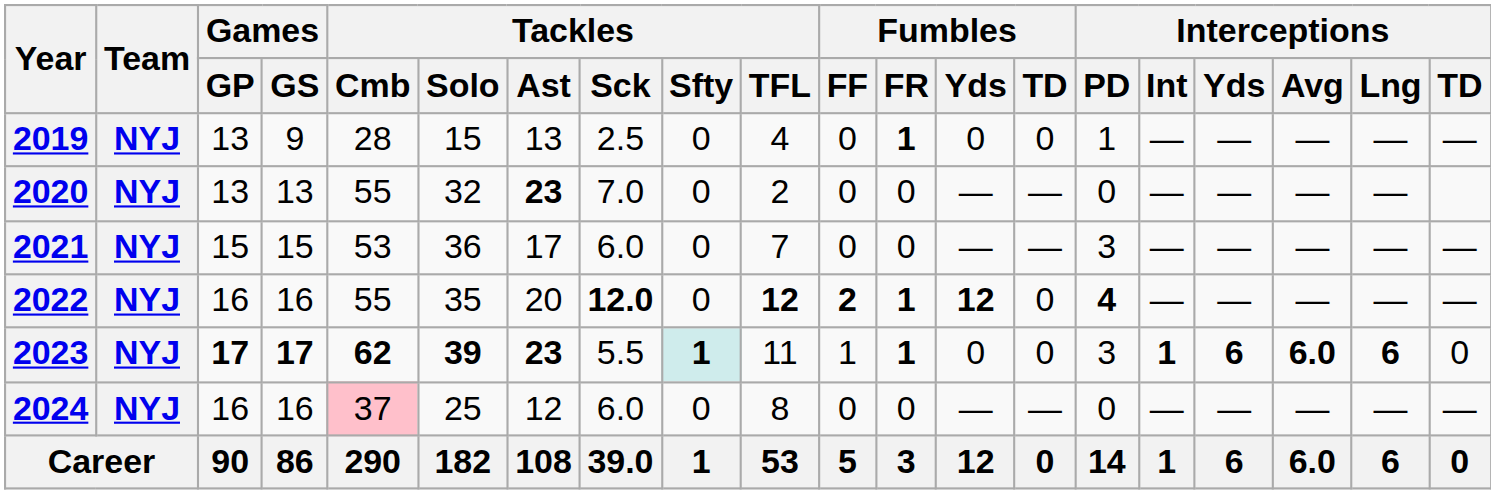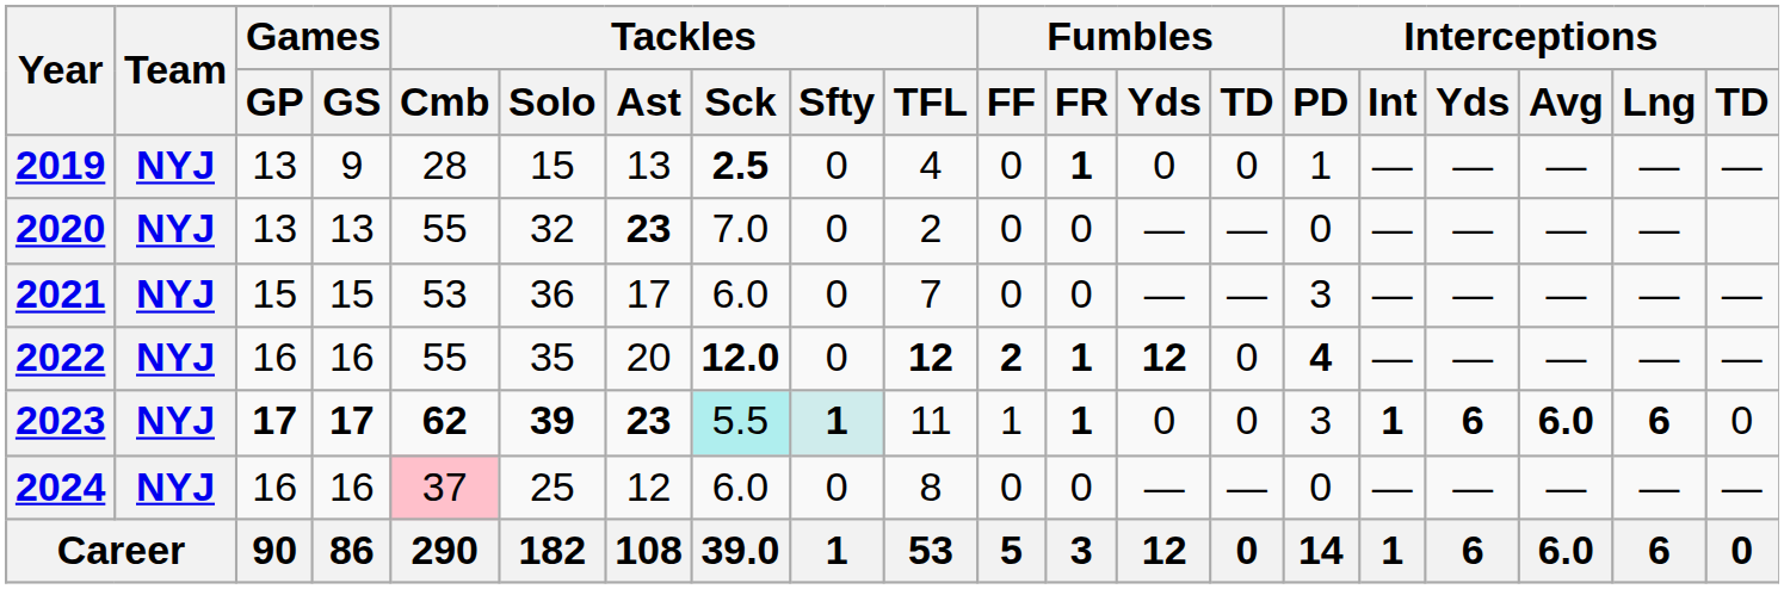 <table class="wikitable" style="text-align:center;">
 <tr>
 <th rowspan="2">Year</th>
 <th rowspan="2">Team</th>
 <th colspan="2">Games</th>
 <th colspan="6">Tackles</th>
 <th colspan="4">Fumbles</th>
 <th colspan="11">Interceptions</th>
 </tr>
 <tr>
 <th>GP</th>
 <th>GS</th>
 <th>Cmb</th>
 <th>Solo</th>
 <th>Ast</th>
 <th>Sck</th>
 <th>Sfty</th>
 <th>TFL</th>
 <th>FF</th>
 <th>FR</th>
 <th>Yds</th>
 <th>TD</th>
 <th>PD</th>
 <th>Int</th>
 <th>Yds</th>
 <th>Avg</th>
 <th>Lng</th>
 <th>TD</th>
 </tr>
 <tr>
 <th><a href='#'>2019</a></th>
 <th><a href='#'>NYJ</a></th>
 <td>13</td>
 <td>9</td>
 <td>28</td>
 <td>15</td>
 <td>13</td>
-<td>2.5</td>
+<td><strong>2.5</strong></td>
 <td>0</td>
 <td>4</td>
 <td>0</td>
 <td><strong>1</strong></td>
 <td>0</td>
 <td>0</td>
 <td>1</td>
 <td>—</td>
 <td>—</td>
 <td>—</td>
 <td>—</td>
 <td>—</td>
 </tr>
 <tr>
 <th><a href='#'>2020</a></th>
 <th><a href='#'>NYJ</a></th>
 <td>13</td>
 <td>13</td>
 <td>55</td>
 <td>32</td>
 <td><strong>23</strong></td>
 <td>7.0</td>
 <td 10>0</td>
 <td>2</td>
 <td>0</td>
 <td>0</td>
 <td>—</td>
 <td>—</td>
 <td>0</td>
 <td>—</td>
 <td>—</td>
 <td>—</td>
 <td>—</td>
 <td —></td>
 </tr>
 <tr>
 <th><a href='#'>2021</a></th>
 <th><a href='#'>NYJ</a></th>
 <td>15</td>
 <td>15</td>
 <td>53</td>
 <td>36</td>
 <td>17</td>
 <td>6.0</td>
 <td>0</td>
 <td>7</td>
 <td>0</td>
 <td>0</td>
 <td>—</td>
 <td>—</td>
 <td>3</td>
 <td>—</td>
 <td>—</td>
 <td>—</td>
 <td>—</td>
 <td>—</td>
 </tr>
 <tr>
 <th><a href='#'>2022</a></th>
 <th><a href='#'>NYJ</a></th>
 <td>16</td>
 <td>16</td>
 <td>55</td>
 <td>35</td>
 <td>20</td>
 <td><strong>12.0</strong></td>
 <td>0</td>
 <td><strong>12</strong></td>
 <td><strong>2</strong></td>
 <td><strong>1</strong></td>
 <td><strong>12</strong></td>
 <td>0</td>
 <td><strong>4</strong></td>
 <td>—</td>
 <td>—</td>
 <td>—</td>
 <td>—</td>
 <td>—</td>
 </tr>
 <tr>
 <th><a href='#'>2023</a></th>
 <th><a href='#'>NYJ</a></th>
 <td><strong>17</strong></td>
 <td><strong>17</strong></td>
 <td><strong>62</strong></td>
 <td><strong>39</strong></td>
 <td><strong>23</strong></td>
-<td>5.5</td>
+<td style="background: paleturquoise;">5.5</td>
 <td style="background:#cfecec; width:3em;"><strong>1</strong></td>
 <td>11</td>
 <td>1</td>
 <td><strong>1</strong></td>
 <td>0</td>
 <td>0</td>
 <td>3</td>
 <td><strong>1</strong></td>
 <td><strong>6</strong></td>
 <td><strong>6.0</strong></td>
 <td><strong>6</strong></td>
 <td>0</td>
 </tr>
 <tr>
 <th><a href='#'>2024</a></th>
 <th><a href='#'>NYJ</a></th>
 <td>16</td>
 <td>16</td>
 <td style="background: pink;">37</td>
 <td>25</td>
 <td>12</td>
 <td>6.0</td>
 <td>0</td>
 <td>8</td>
 <td>0</td>
 <td>0</td>
 <td>—</td>
 <td>—</td>
 <td>0</td>
 <td>—</td>
 <td>—</td>
 <td>—</td>
 <td>—</td>
 <td>—</td>
 </tr>
 <tr>
 <th colspan="2">Career</th>
 <th>90</th>
 <th>86</th>
 <th>290</th>
 <th>182</th>
 <th>108</th>
 <th>39.0</th>
 <th>1</th>
 <th>53</th>
 <th>5</th>
 <th>3</th>
 <th>12</th>
 <th>0</th>
 <th>14</th>
 <th>1</th>
 <th>6</th>
 <th>6.0</th>
 <th>6</th>
 <th>0</th>
 </tr>
 </table>
